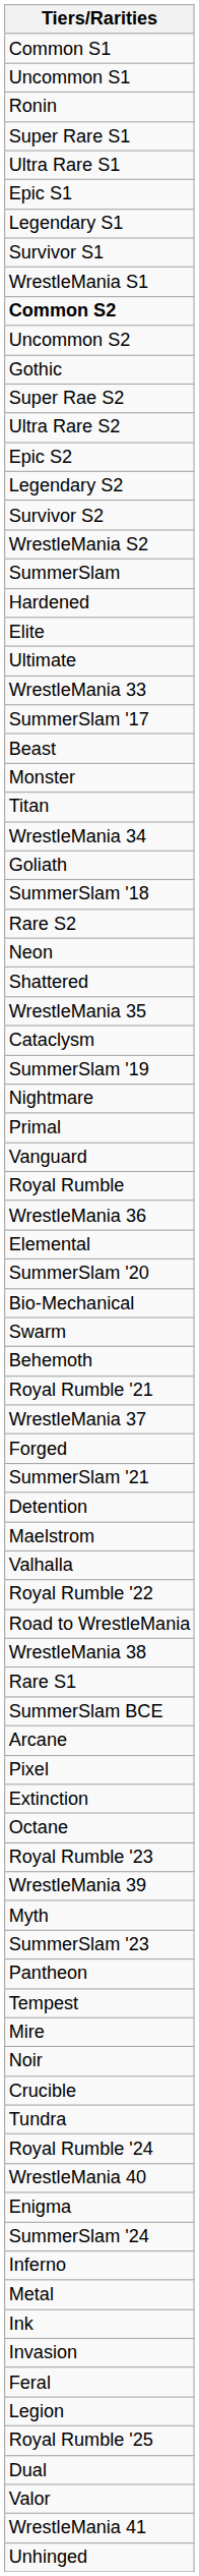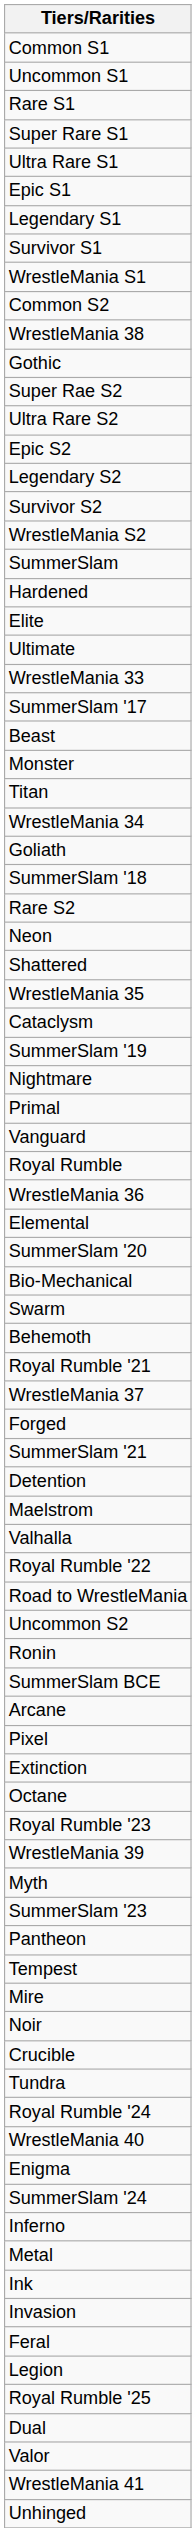 <table class="wikitable">
 <tr>
 <th>Tiers/Rarities</th>
 </tr>
 <tr>
 <td>Common S1</td>
 </tr>
 <tr>
 <td>Uncommon S1</td>
 </tr>
 <tr>
-<td>Ronin</td>
+<td>Rare S1</td>
 </tr>
 <tr>
 <td>Super Rare S1</td>
 </tr>
 <tr>
 <td>Ultra Rare S1</td>
 </tr>
 <tr>
 <td>Epic S1</td>
 </tr>
 <tr>
 <td>Legendary S1</td>
 </tr>
 <tr>
 <td>Survivor S1</td>
 </tr>
 <tr>
 <td>WrestleMania S1</td>
 </tr>
 <tr>
-<td><strong>Common S2</strong></td>
+<td>Common S2</td>
 </tr>
 <tr>
-<td>Uncommon S2</td>
+<td>WrestleMania 38</td>
 </tr>
 <tr>
 <td>Gothic</td>
 </tr>
 <tr>
 <td>Super Rae S2</td>
 </tr>
 <tr>
 <td>Ultra Rare S2</td>
 </tr>
 <tr>
 <td>Epic S2</td>
 </tr>
 <tr>
 <td>Legendary S2</td>
 </tr>
 <tr>
 <td>Survivor S2</td>
 </tr>
 <tr>
 <td>WrestleMania S2</td>
 </tr>
 <tr>
 <td>SummerSlam</td>
 </tr>
 <tr>
 <td>Hardened</td>
 </tr>
 <tr>
 <td>Elite</td>
 </tr>
 <tr>
 <td>Ultimate</td>
 </tr>
 <tr>
 <td>WrestleMania 33</td>
 </tr>
 <tr>
 <td>SummerSlam '17</td>
 </tr>
 <tr>
 <td>Beast</td>
 </tr>
 <tr>
 <td>Monster</td>
 </tr>
 <tr>
 <td>Titan</td>
 </tr>
 <tr>
 <td>WrestleMania 34</td>
 </tr>
 <tr>
 <td>Goliath</td>
 </tr>
 <tr>
 <td>SummerSlam '18</td>
 </tr>
 <tr>
 <td>Rare S2</td>
 </tr>
 <tr>
 <td>Neon</td>
 </tr>
 <tr>
 <td>Shattered</td>
 </tr>
 <tr>
 <td>WrestleMania 35</td>
 </tr>
 <tr>
 <td>Cataclysm</td>
 </tr>
 <tr>
 <td>SummerSlam '19</td>
 </tr>
 <tr>
 <td>Nightmare</td>
 </tr>
 <tr>
 <td>Primal</td>
 </tr>
 <tr>
 <td>Vanguard</td>
 </tr>
 <tr>
 <td>Royal Rumble</td>
 </tr>
 <tr>
 <td>WrestleMania 36</td>
 </tr>
 <tr>
 <td>Elemental</td>
 </tr>
 <tr>
 <td>SummerSlam '20</td>
 </tr>
 <tr>
 <td>Bio-Mechanical</td>
 </tr>
 <tr>
 <td>Swarm</td>
 </tr>
 <tr>
 <td>Behemoth</td>
 </tr>
 <tr>
 <td>Royal Rumble '21</td>
 </tr>
 <tr>
 <td>WrestleMania 37</td>
 </tr>
 <tr>
 <td>Forged</td>
 </tr>
 <tr>
 <td>SummerSlam '21</td>
 </tr>
 <tr>
 <td>Detention</td>
 </tr>
 <tr>
 <td>Maelstrom</td>
 </tr>
 <tr>
 <td>Valhalla</td>
 </tr>
 <tr>
 <td>Royal Rumble '22</td>
 </tr>
 <tr>
 <td>Road to WrestleMania</td>
 </tr>
 <tr>
-<td>WrestleMania 38</td>
+<td>Uncommon S2</td>
 </tr>
 <tr>
-<td>Rare S1</td>
+<td>Ronin</td>
 </tr>
 <tr>
 <td>SummerSlam BCE</td>
 </tr>
 <tr>
 <td>Arcane</td>
 </tr>
 <tr>
 <td>Pixel</td>
 </tr>
 <tr>
 <td>Extinction</td>
 </tr>
 <tr>
 <td>Octane</td>
 </tr>
 <tr>
 <td>Royal Rumble '23</td>
 </tr>
 <tr>
 <td>WrestleMania 39</td>
 </tr>
 <tr>
 <td>Myth</td>
 </tr>
 <tr>
 <td>SummerSlam '23</td>
 </tr>
 <tr>
 <td>Pantheon</td>
 </tr>
 <tr>
 <td>Tempest</td>
 </tr>
 <tr>
 <td>Mire</td>
 </tr>
 <tr>
 <td>Noir</td>
 </tr>
 <tr>
 <td>Crucible</td>
 </tr>
 <tr>
 <td>Tundra</td>
 </tr>
 <tr>
 <td>Royal Rumble '24</td>
 </tr>
 <tr>
 <td>WrestleMania 40</td>
 </tr>
 <tr>
 <td>Enigma</td>
 </tr>
 <tr>
 <td>SummerSlam '24</td>
 </tr>
 <tr>
 <td>Inferno</td>
 </tr>
 <tr>
 <td>Metal</td>
 </tr>
 <tr>
 <td>Ink</td>
 </tr>
 <tr>
 <td>Invasion</td>
 </tr>
 <tr>
 <td>Feral</td>
 </tr>
 <tr>
 <td>Legion</td>
 </tr>
 <tr>
 <td>Royal Rumble '25</td>
 </tr>
 <tr>
 <td>Dual</td>
 </tr>
 <tr>
 <td>Valor</td>
 </tr>
 <tr>
 <td>WrestleMania 41</td>
 </tr>
 <tr>
 <td>Unhinged</td>
 </tr>
 </table>
